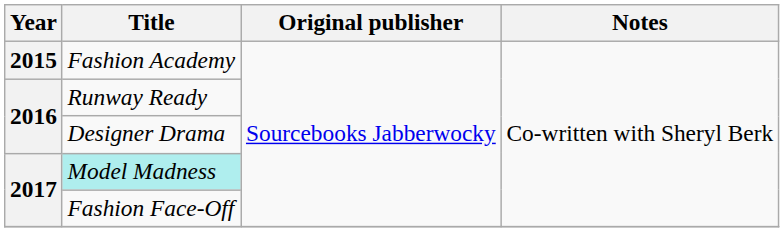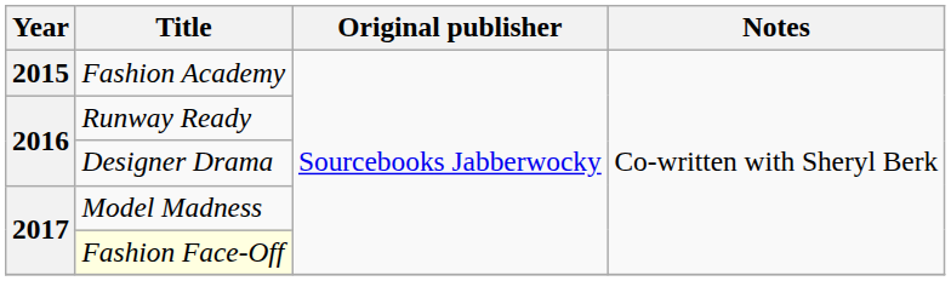 <table class="wikitable plainrowheaders sortable">
 <tr>
 <th scope="col">Year</th>
 <th scope="col">Title</th>
 <th scope="col">Original publisher</th>
 <th scope="col" class="unsortable">Notes</th>
 </tr>
 <tr>
 <th scope="row">2015</th>
 <td><em>Fashion Academy</em></td>
 <td rowspan="5"><a href='#'>Sourcebooks Jabberwocky</a></td>
 <td rowspan="5">Co-written with Sheryl Berk</td>
 </tr>
 <tr>
 <th scope="row" rowspan="2">2016</th>
 <td><em>Runway Ready</em></td>
 </tr>
 <tr>
 <td><em>Designer Drama</em></td>
 </tr>
 <tr>
 <th scope="row" rowspan="2">2017</th>
-<td style="background: paleturquoise;"><em>Model Madness</em></td>
+<td><em>Model Madness</em></td>
 </tr>
 <tr>
-<td><em>Fashion Face-Off</em></td>
+<td style="background: lightyellow;"><em>Fashion Face-Off</em></td>
 </tr>
 <tr>
 </tr>
 </table>
